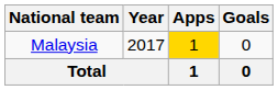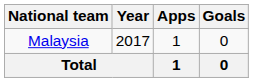 <table class=wikitable style="text-align: center;">
 <tr>
 <th>National team</th>
 <th>Year</th>
 <th>Apps</th>
 <th>Goals</th>
 </tr>
 <tr>
 <td rowspan=1><a href='#'>Malaysia</a></td>
 <td>2017</td>
-<td style="background: gold;">1</td>
+<td>1</td>
 <td>0</td>
 </tr>
 <tr>
 <th colspan=2>Total</th>
 <th>1</th>
 <th>0</th>
 </tr>
 </table>
